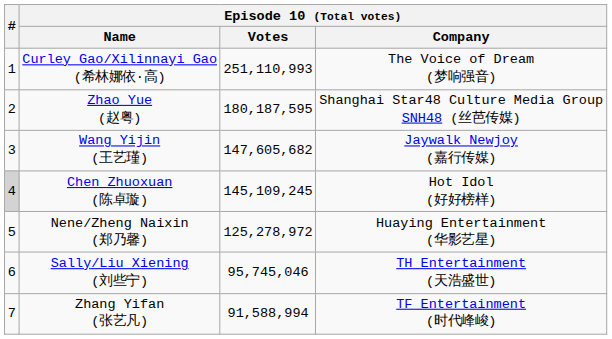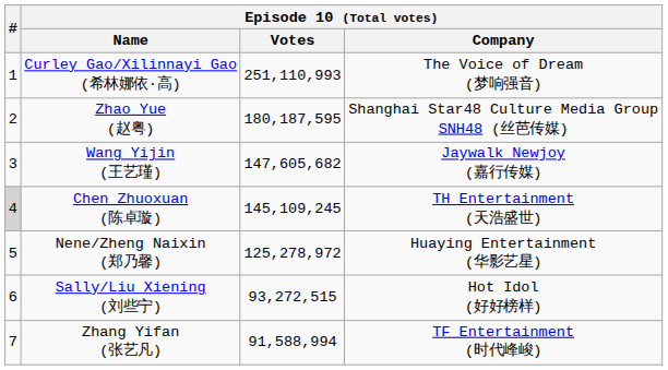 <table class="wikitable sortable" style="text-align:center;">
 <tr>
 <th rowspan="2">#</th>
 <th colspan="3">Episode 10 <small>(Total votes)</small></th>
 </tr>
 <tr>
 <th>Name</th>
 <th>Votes</th>
 <th>Company</th>
 </tr>
 <tr>
 <td>1</td>
 <td><a href='#'>Curley Gao/Xilinnayi Gao</a><br>(希林娜依·高)</td>
 <td>251,110,993</td>
 <td>The Voice of Dream<br>(梦响强音)</td>
 </tr>
 <tr>
 <td>2</td>
 <td><a href='#'>Zhao Yue</a><br>(赵粤)</td>
 <td>180,187,595</td>
 <td>Shanghai Star48 Culture Media Group<br><a href='#'>SNH48</a> (丝芭传媒)</td>
 </tr>
 <tr>
 <td>3</td>
 <td><a href='#'>Wang Yijin</a><br>(王艺瑾)</td>
 <td>147,605,682</td>
 <td><a href='#'>Jaywalk Newjoy</a><br>(嘉行传媒)</td>
 </tr>
 <tr>
 <td style="background: lightgrey;">4</td>
 <td><a href='#'>Chen Zhuoxuan</a><br>(陈卓璇)</td>
 <td>145,109,245</td>
-<td>Hot Idol<br>(好好榜样)</td>
+<td><a href='#'>TH Entertainment</a><br>(天浩盛世)</td>
 </tr>
 <tr>
 <td>5</td>
 <td>Nene/Zheng Naixin<br>(郑乃馨)</td>
 <td>125,278,972</td>
 <td>Huaying Entertainment<br>(华影艺星)</td>
 </tr>
 <tr>
 <td>6</td>
 <td><a href='#'>Sally/Liu Xiening</a><br>(刘些宁)</td>
-<td>95,745,046</td>
-<td><a href='#'>TH Entertainment</a><br>(天浩盛世)</td>
+<td>93,272,515</td>
+<td>Hot Idol<br>(好好榜样)</td>
 </tr>
 <tr>
 <td>7</td>
 <td>Zhang Yifan<br>(张艺凡)</td>
 <td>91,588,994</td>
 <td><a href='#'>TF Entertainment</a><br>(时代峰峻)</td>
 </tr>
 </table>
